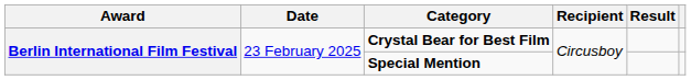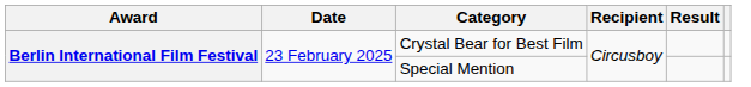 <table class="wikitable sortable plainrowheaders">
 <tr>
 <th>Award</th>
 <th>Date</th>
 <th>Category</th>
 <th>Recipient</th>
 <th>Result</th>
 <th></th>
 </tr>
 <tr>
 <th scope="row" rowspan="2"><a href='#'>Berlin International Film Festival</a></th>
 <td rowspan="2"><a href='#'>23 February 2025</a></td>
-<td><strong>Crystal Bear for Best Film</strong></td>
+<td>Crystal Bear for Best Film</td>
 <td rowspan="2"><em>Circusboy</em></td>
 <td></td>
 <td align="center" rowspan="1"></td>
 </tr>
 <tr>
-<td><strong>Special Mention</strong></td>
+<td>Special Mention</td>
 <td></td>
 <td align="center" rowspan="1"></td>
 </tr>
 </table>
